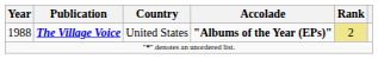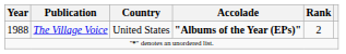 <table class="wikitable sortable" style="margin:0em 1em 1em 0pt">
 <tr>
 <th>Year</th>
 <th>Publication</th>
 <th>Country</th>
 <th>Accolade</th>
 <th>Rank</th>
 <th class=unsortable></th>
 </tr>
 <tr>
 <td align=center>1988</td>
-<td><strong><em><a href='#'>The Village Voice</a></em></strong></td>
+<td><em><a href='#'>The Village Voice</a></em></td>
 <td>United States</td>
 <td><strong>"Albums of the Year (EPs)"</strong></td>
-<td align=center style="background: khaki;">2</td>
+<td align=center>2</td>
 <td></td>
 </tr>
 <tr class="sortbottom">
 <td colspan=6 style=font-size:8pt; align=center>"<strong>*</strong>" denotes an unordered list.</td>
 </tr>
 </table>
